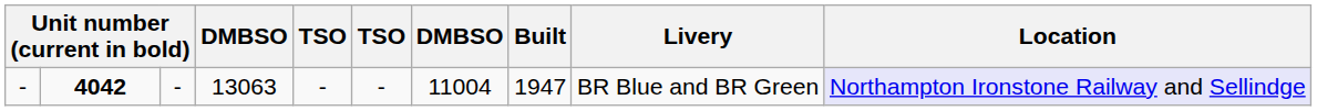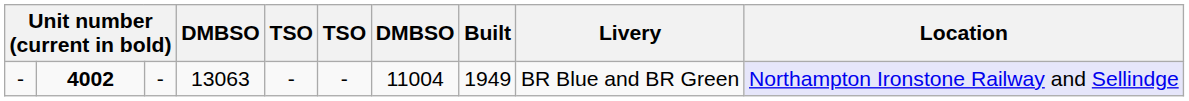 <table class="wikitable">
 <tr>
 <th colspan=3>Unit number <br>(current in bold)</th>
 <th>DMBSO</th>
 <th>TSO</th>
 <th>TSO</th>
 <th>DMBSO</th>
 <th>Built</th>
 <th>Livery</th>
 <th>Location</th>
 </tr>
 <tr>
 <td align=center>-</td>
-<td align=center><strong>4042</strong></td>
+<td align=center><strong>4002</strong></td>
 <td align=center>-</td>
 <td align=center>13063</td>
 <td align=center>-</td>
 <td align=center>-</td>
 <td align=center>11004</td>
-<td>1947</td>
+<td>1949</td>
 <td>BR Blue and BR Green</td>
 <td style="background: lavender;"><a href='#'>Northampton Ironstone Railway</a> and <a href='#'>Sellindge</a></td>
 </tr>
 </table>
